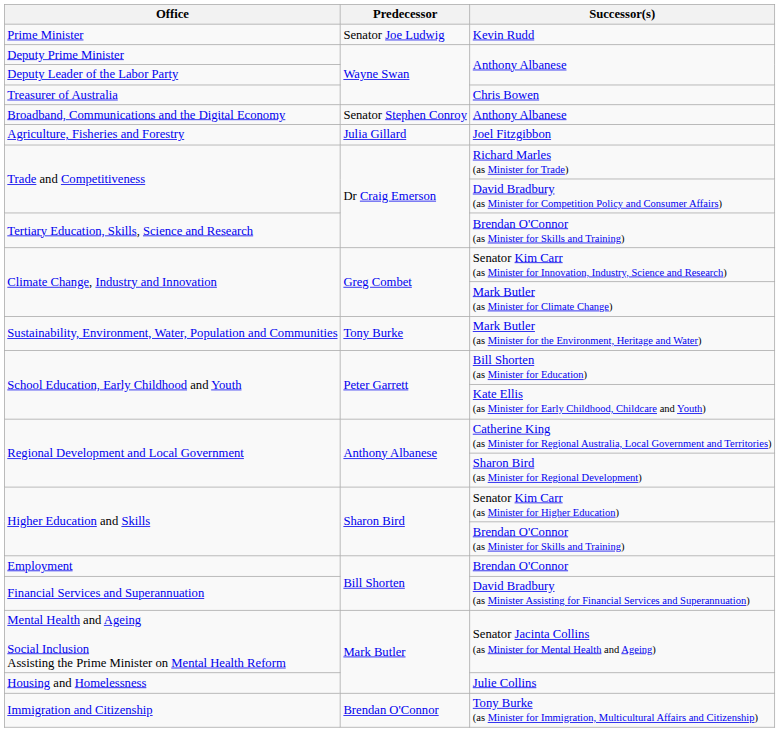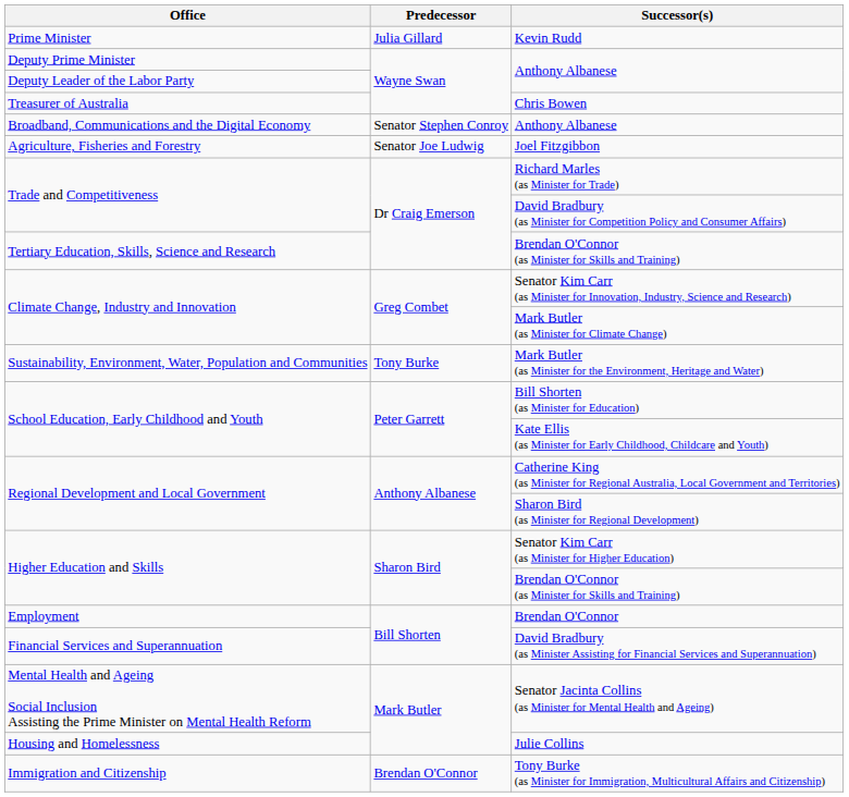 <table class="wikitable">
 <tr>
 <th>Office</th>
 <th>Predecessor</th>
 <th>Successor(s)</th>
 </tr>
 <tr>
 <td><a href='#'>Prime Minister</a></td>
-<td>Senator <a href='#'>Joe Ludwig</a></td>
+<td><a href='#'>Julia Gillard</a> </td>
 <td><a href='#'>Kevin Rudd</a> </td>
 </tr>
 <tr>
 <td><a href='#'>Deputy Prime Minister</a></td>
 <td rowspan=3><a href='#'>Wayne Swan</a> </td>
 <td rowspan=2><a href='#'>Anthony Albanese</a> </td>
 </tr>
 <tr>
 <td><a href='#'>Deputy Leader of the Labor Party</a></td>
 </tr>
 <tr>
 <td><a href='#'>Treasurer of Australia</a></td>
 <td><a href='#'>Chris Bowen</a> </td>
 </tr>
 <tr>
 <td><a href='#'>Broadband, Communications and the Digital Economy</a></td>
 <td>Senator <a href='#'>Stephen Conroy</a></td>
 <td><a href='#'>Anthony Albanese</a> </td>
 </tr>
 <tr>
 <td><a href='#'>Agriculture, Fisheries and Forestry</a></td>
-<td><a href='#'>Julia Gillard</a> </td>
+<td>Senator <a href='#'>Joe Ludwig</a></td>
 <td><a href='#'>Joel Fitzgibbon</a> </td>
 </tr>
 <tr>
 <td rowspan=2><a href='#'>Trade</a> and <a href='#'>Competitiveness</a></td>
 <td rowspan=4>Dr <a href='#'>Craig Emerson</a> </td>
 <td><a href='#'>Richard Marles</a> <br><small>(as <a href='#'>Minister for Trade</a>)</small></td>
 </tr>
 <tr>
 <td><a href='#'>David Bradbury</a> <br><small>(as <a href='#'>Minister for Competition Policy and Consumer Affairs</a>)</small></td>
 </tr>
 <tr>
 <td rowspan=2><a href='#'>Tertiary Education, Skills</a>, <a href='#'>Science and Research</a></td>
 <td><a href='#'>Brendan O'Connor</a> <br><small>(as <a href='#'>Minister for Skills and Training</a>)</small></td>
 </tr>
 <tr>
 <td rowspan=2>Senator <a href='#'>Kim Carr</a><br><small>(as <a href='#'>Minister for Innovation, Industry, Science and Research</a>)</small></td>
 </tr>
 <tr>
 <td rowspan=2><a href='#'>Climate Change</a>, <a href='#'>Industry and Innovation</a></td>
 <td rowspan=2><a href='#'>Greg Combet</a> </td>
 </tr>
 <tr>
 <td><a href='#'>Mark Butler</a> <br><small>(as <a href='#'>Minister for Climate Change</a>)</small></td>
 </tr>
 <tr>
 <td><a href='#'>Sustainability, Environment, Water, Population and Communities</a></td>
 <td><a href='#'>Tony Burke</a> </td>
 <td><a href='#'>Mark Butler</a> <br><small>(as <a href='#'>Minister for the Environment, Heritage and Water</a>)</small></td>
 </tr>
 <tr>
 <td rowspan=2><a href='#'>School Education, Early Childhood</a> and <a href='#'>Youth</a></td>
 <td rowspan=2><a href='#'>Peter Garrett</a> </td>
 <td><a href='#'>Bill Shorten</a> <br><small>(as <a href='#'>Minister for Education</a>)</small></td>
 </tr>
 <tr>
 <td><a href='#'>Kate Ellis</a> <br><small>(as <a href='#'>Minister for Early Childhood, Childcare</a> and <a href='#'>Youth</a>)</small></td>
 </tr>
 <tr>
 <td rowspan=2><a href='#'>Regional Development and Local Government</a></td>
 <td rowspan=2><a href='#'>Anthony Albanese</a> </td>
 <td><a href='#'>Catherine King</a> <br><small>(as <a href='#'>Minister for Regional Australia, Local Government and Territories</a>)</small></td>
 </tr>
 <tr>
 <td><a href='#'>Sharon Bird</a> <br><small>(as <a href='#'>Minister for Regional Development</a>)</small></td>
 </tr>
 <tr>
 <td rowspan=2><a href='#'>Higher Education</a> and <a href='#'>Skills</a></td>
 <td rowspan=2><a href='#'>Sharon Bird</a> </td>
 <td>Senator <a href='#'>Kim Carr</a><br><small>(as <a href='#'>Minister for Higher Education</a>)</small></td>
 </tr>
 <tr>
 <td><a href='#'>Brendan O'Connor</a> <br><small>(as <a href='#'>Minister for Skills and Training</a>)</small></td>
 </tr>
 <tr>
 <td><a href='#'>Employment</a></td>
 <td rowspan=2><a href='#'>Bill Shorten</a> </td>
 <td><a href='#'>Brendan O'Connor</a> </td>
 </tr>
 <tr>
 <td><a href='#'>Financial Services and Superannuation</a></td>
 <td><a href='#'>David Bradbury</a> <br><small>(as <a href='#'>Minister Assisting for Financial Services and Superannuation</a>)</small></td>
 </tr>
 <tr>
 <td><a href='#'>Mental Health</a> and <a href='#'>Ageing</a><br><br><a href='#'>Social Inclusion</a><br> Assisting the Prime Minister on <a href='#'>Mental Health Reform</a></td>
 <td rowspan=2><a href='#'>Mark Butler</a> </td>
 <td>Senator <a href='#'>Jacinta Collins</a><br><small>(as <a href='#'>Minister for Mental Health</a> and <a href='#'>Ageing</a>)</small></td>
 </tr>
 <tr>
 <td><a href='#'>Housing</a> and <a href='#'>Homelessness</a></td>
 <td><a href='#'>Julie Collins</a> </td>
 </tr>
 <tr>
 <td><a href='#'>Immigration and Citizenship</a></td>
 <td><a href='#'>Brendan O'Connor</a> </td>
 <td><a href='#'>Tony Burke</a> <br><small>(as <a href='#'>Minister for Immigration, Multicultural Affairs and Citizenship</a>)</small></td>
 </tr>
 </table>
